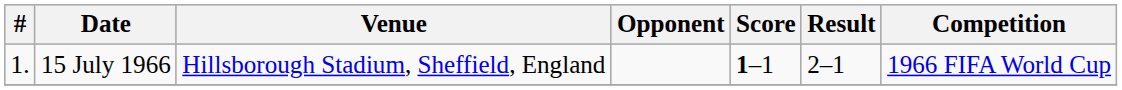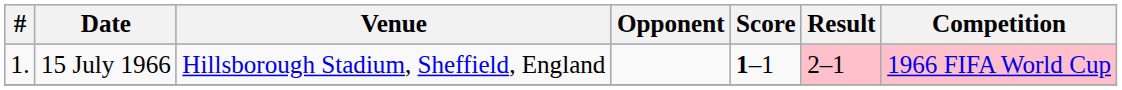 <table class="wikitable">
 <tr>
 <th>#</th>
 <th>Date</th>
 <th>Venue</th>
 <th>Opponent</th>
 <th>Score</th>
 <th>Result</th>
 <th>Competition</th>
 </tr>
 <tr>
 <td>1.</td>
 <td>15 July 1966</td>
 <td><a href='#'>Hillsborough Stadium</a>, <a href='#'>Sheffield</a>, England</td>
 <td></td>
 <td><strong>1</strong>–1</td>
-<td>2–1</td>
-<td><a href='#'>1966 FIFA World Cup</a></td>
+<td style="background: pink;">2–1</td>
+<td style="background: pink;"><a href='#'>1966 FIFA World Cup</a></td>
 </tr>
 <tr>
 </tr>
 </table>
